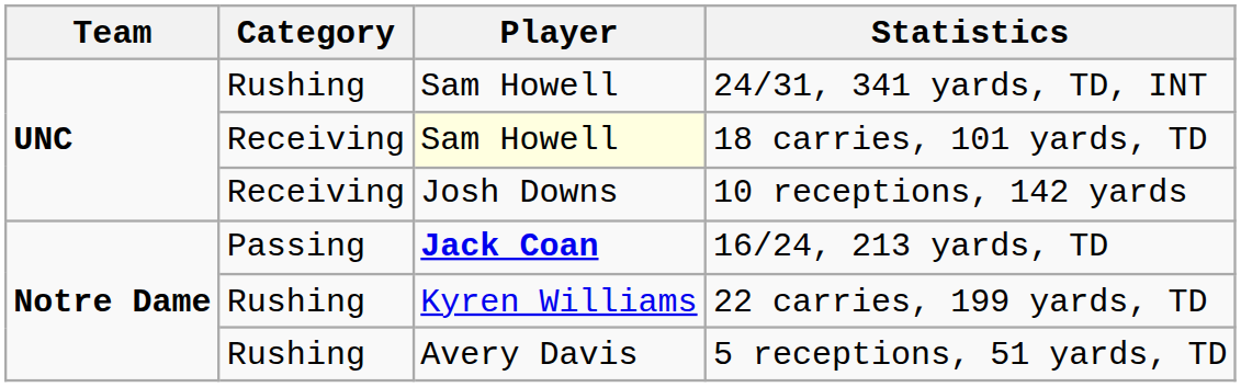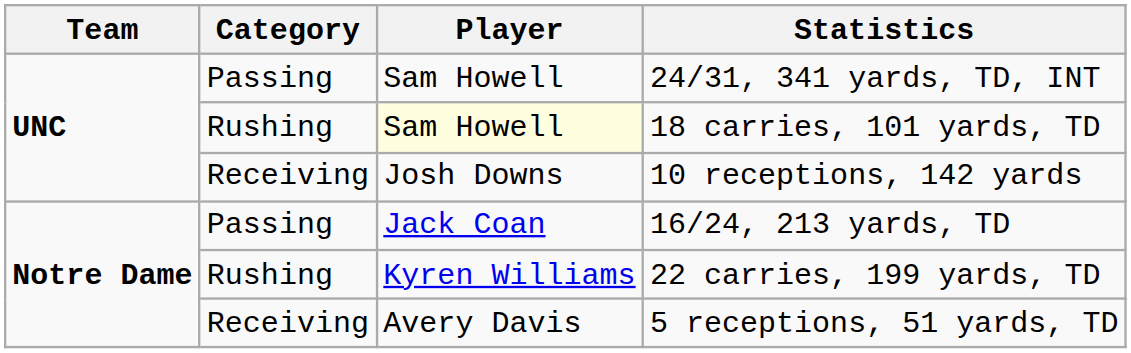 <table class="wikitable" style="float: left;">
 <tr>
 <th>Team</th>
 <th>Category</th>
 <th>Player</th>
 <th>Statistics</th>
 </tr>
 <tr>
 <td rowspan=3><strong>UNC</strong></td>
-<td>Rushing</td>
+<td>Passing</td>
 <td>Sam Howell</td>
 <td>24/31, 341 yards, TD, INT</td>
 </tr>
 <tr>
-<td>Receiving</td>
+<td>Rushing</td>
 <td style="background: lightyellow;">Sam Howell</td>
 <td>18 carries, 101 yards, TD</td>
 </tr>
 <tr>
 <td>Receiving</td>
 <td>Josh Downs</td>
 <td>10 receptions, 142 yards</td>
 </tr>
 <tr>
 <td rowspan=3><strong>Notre Dame</strong></td>
 <td>Passing</td>
-<td><strong><a href='#'>Jack Coan</a></strong></td>
+<td><a href='#'>Jack Coan</a></td>
 <td>16/24, 213 yards, TD</td>
 </tr>
 <tr>
 <td>Rushing</td>
 <td><a href='#'>Kyren Williams</a></td>
 <td>22 carries, 199 yards, TD</td>
 </tr>
 <tr>
-<td>Rushing</td>
+<td>Receiving</td>
 <td>Avery Davis</td>
 <td>5 receptions, 51 yards, TD</td>
 </tr>
 </table>
